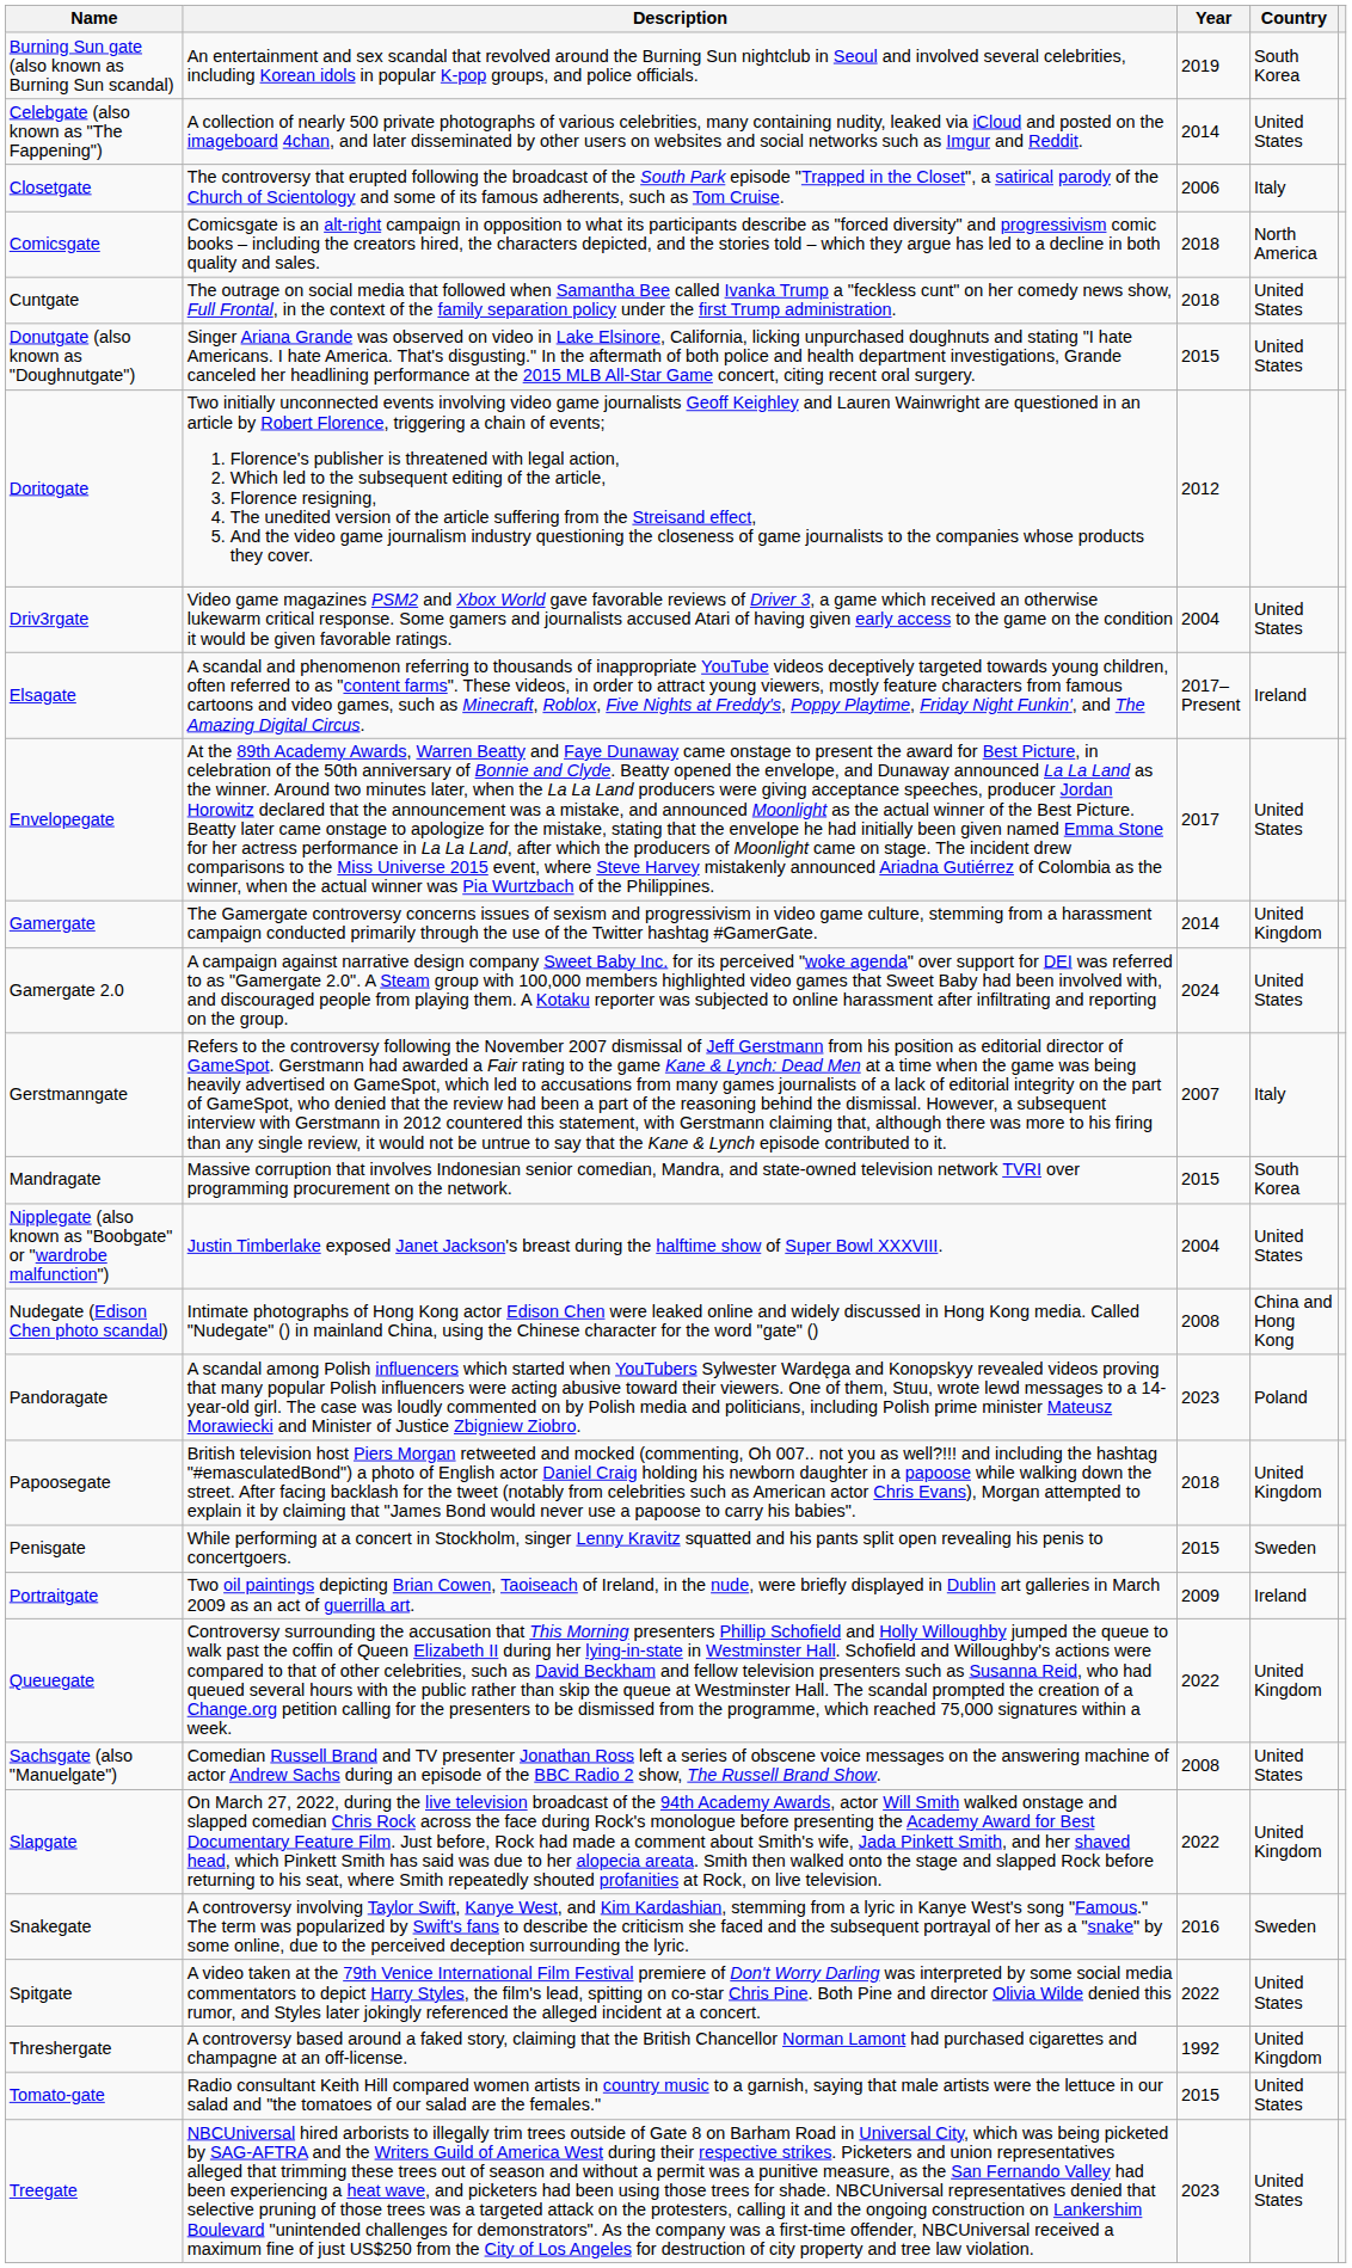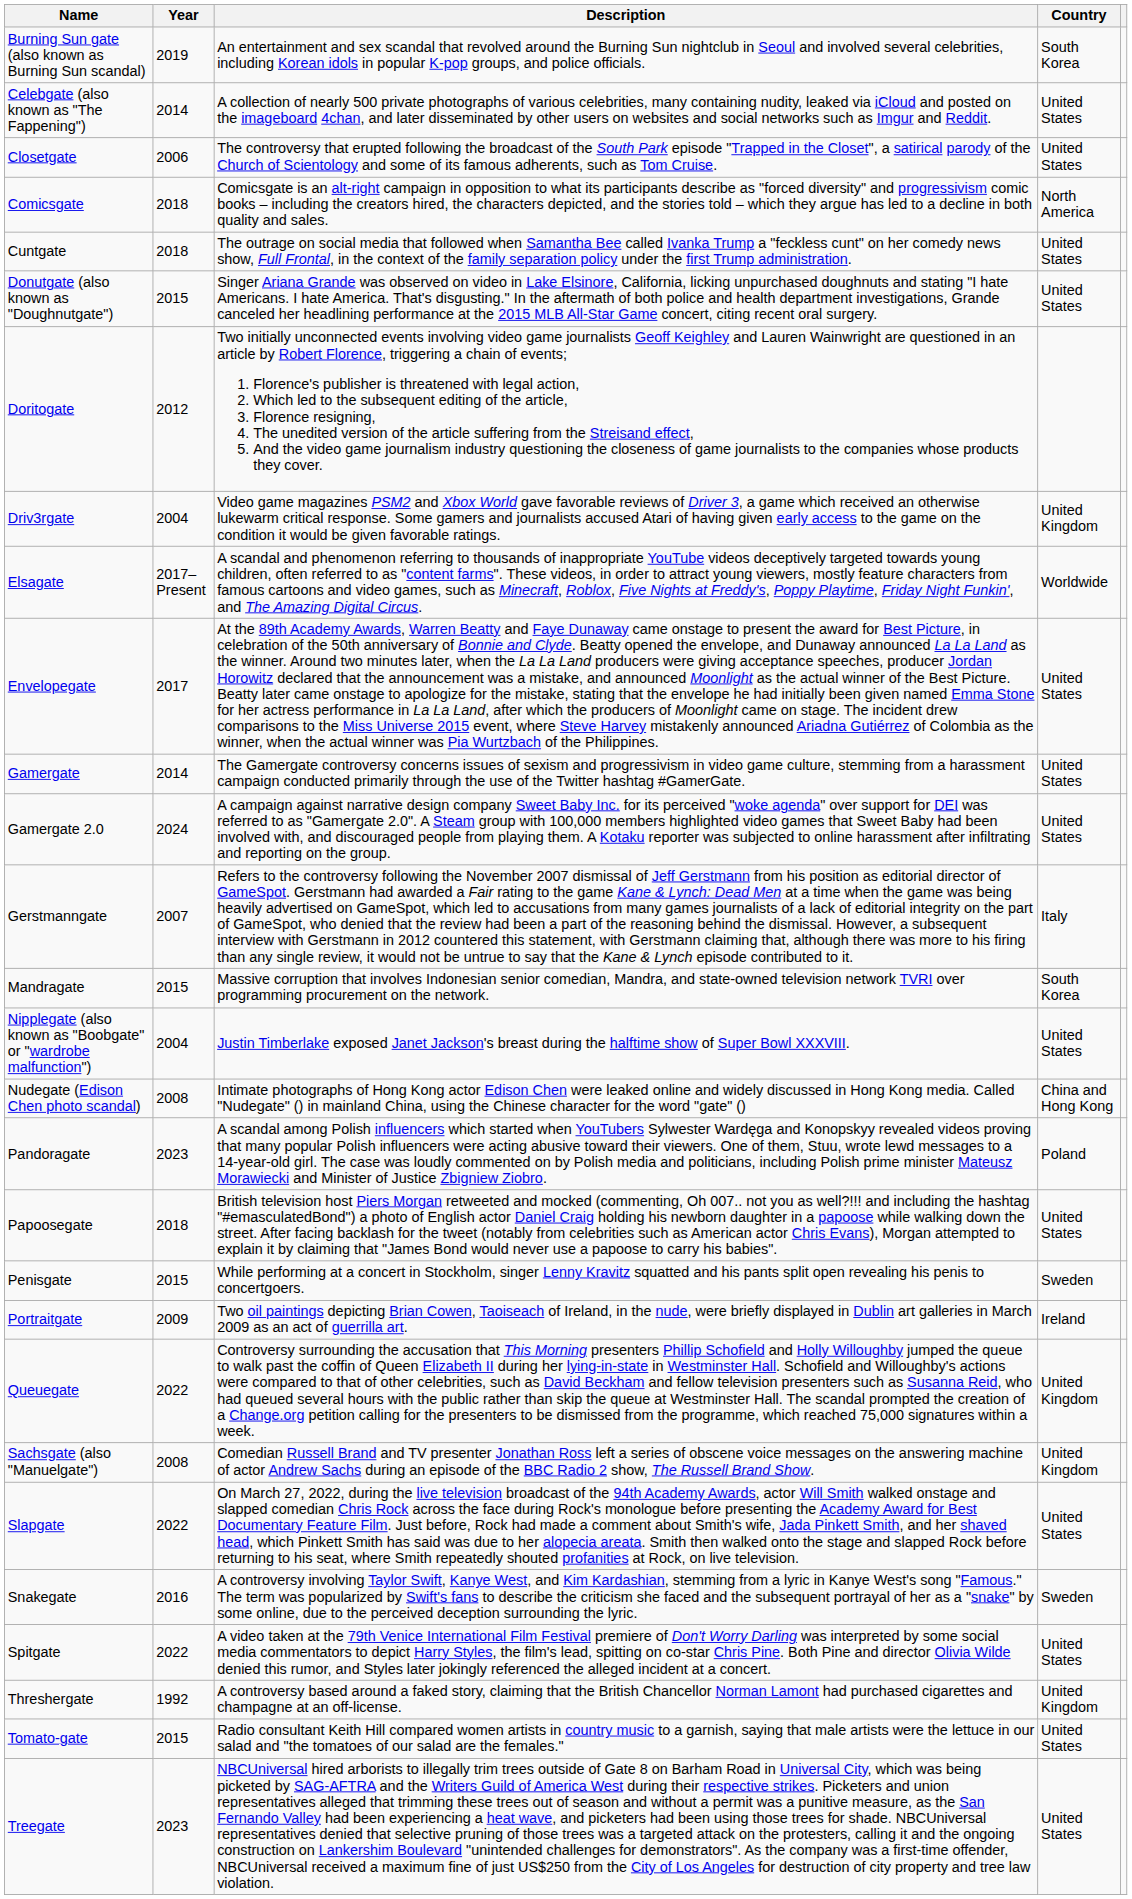 <table class="wikitable sortable">
 <tr>
 <th>Name</th>
+<th>Year</th>
 <th>Description</th>
-<th>Year</th>
 <th>Country</th>
 <th></th>
 </tr>
 <tr>
 <td><a href='#'>Burning Sun gate</a> (also known as Burning Sun scandal)</td>
+<td>2019</td>
 <td>An entertainment and sex scandal that revolved around the Burning Sun nightclub in <a href='#'>Seoul</a> and involved several celebrities, including <a href='#'>Korean idols</a> in popular <a href='#'>K-pop</a> groups, and police officials.</td>
-<td>2019</td>
 <td>South Korea</td>
 <td></td>
 </tr>
 <tr>
 <td><a href='#'>Celebgate</a> (also known as "The Fappening")</td>
+<td>2014</td>
 <td>A collection of nearly 500 private photographs of various celebrities, many containing nudity, leaked via <a href='#'>iCloud</a> and posted on the <a href='#'>imageboard</a> <a href='#'>4chan</a>, and later disseminated by other users on websites and social networks such as <a href='#'>Imgur</a> and <a href='#'>Reddit</a>.</td>
-<td>2014</td>
 <td>United States</td>
 <td></td>
 </tr>
 <tr>
 <td><a href='#'>Closetgate</a></td>
+<td>2006</td>
 <td>The controversy that erupted following the broadcast of the <em><a href='#'>South Park</a></em> episode "<a href='#'>Trapped in the Closet</a>", a <a href='#'>satirical</a> <a href='#'>parody</a> of the <a href='#'>Church of Scientology</a> and some of its famous adherents, such as <a href='#'>Tom Cruise</a>.</td>
-<td>2006</td>
-<td>Italy</td>
+<td>United States</td>
 <td></td>
 </tr>
 <tr>
 <td><a href='#'>Comicsgate</a></td>
+<td>2018</td>
 <td>Comicsgate is an <a href='#'>alt-right</a> campaign in opposition to what its participants describe as "forced diversity" and <a href='#'>progressivism</a> comic books – including the creators hired, the characters depicted, and the stories told – which they argue has led to a decline in both quality and sales.</td>
-<td>2018</td>
 <td>North America</td>
 <td></td>
 </tr>
 <tr>
 <td>Cuntgate</td>
+<td>2018</td>
 <td>The outrage on social media that followed when <a href='#'>Samantha Bee</a> called <a href='#'>Ivanka Trump</a> a "feckless cunt" on her comedy news show, <a href='#'><em>Full Frontal</em></a>, in the context of the <a href='#'>family separation policy</a> under the <a href='#'>first Trump administration</a>.</td>
-<td>2018</td>
 <td>United States</td>
 <td></td>
 </tr>
 <tr>
 <td><a href='#'>Donutgate</a> (also known as "Doughnutgate")</td>
+<td>2015</td>
 <td>Singer <a href='#'>Ariana Grande</a> was observed on video in <a href='#'>Lake Elsinore</a>, California, licking unpurchased doughnuts and stating "I hate Americans. I hate America. That's disgusting."  In the aftermath of both police and health department investigations, Grande canceled her headlining performance at the <a href='#'>2015 MLB All-Star Game</a> concert, citing recent oral surgery.</td>
-<td>2015</td>
 <td>United States</td>
 <td></td>
 </tr>
 <tr>
 <td><a href='#'>Doritogate</a></td>
+<td>2012</td>
 <td>Two initially unconnected events involving video game journalists <a href='#'>Geoff Keighley</a> and Lauren Wainwright are questioned in an article by <a href='#'>Robert Florence</a>, triggering a chain of events;<br><ol><li>Florence's publisher is threatened with legal action,</li><li>Which led to the subsequent editing of the article,</li><li>Florence resigning,</li><li>The unedited version of the article suffering from the <a href='#'>Streisand effect</a>,</li><li>And the video game journalism industry questioning the closeness of game journalists to the companies whose products they cover.</li></ol></td>
-<td>2012</td>
 <td></td>
 <td></td>
 </tr>
 <tr>
 <td><a href='#'>Driv3rgate</a></td>
+<td>2004</td>
 <td>Video game magazines <em><a href='#'>PSM2</a></em> and <em><a href='#'>Xbox World</a></em> gave favorable reviews of <em><a href='#'>Driver 3</a></em>, a game which received an otherwise lukewarm critical response. Some gamers and journalists accused Atari of having given <a href='#'>early access</a> to the game on the condition it would be given favorable ratings.</td>
-<td>2004</td>
-<td>United States</td>
+<td>United Kingdom</td>
 <td></td>
 </tr>
 <tr>
 <td><a href='#'>Elsagate</a></td>
+<td>2017–Present</td>
 <td>A scandal and phenomenon referring to thousands of inappropriate <a href='#'>YouTube</a> videos deceptively targeted towards young children, often referred to as "<a href='#'>content farms</a>". These videos, in order to attract young viewers, mostly feature characters from famous cartoons and video games, such as <em><a href='#'>Minecraft</a></em>, <em><a href='#'>Roblox</a></em>, <em><a href='#'>Five Nights at Freddy's</a></em>, <em><a href='#'>Poppy Playtime</a></em>, <em><a href='#'>Friday Night Funkin'</a></em>, and <em><a href='#'>The Amazing Digital Circus</a></em>.</td>
-<td>2017–Present</td>
-<td>Ireland</td>
+<td>Worldwide</td>
 <td></td>
 </tr>
 <tr>
 <td><a href='#'>Envelopegate</a></td>
+<td>2017</td>
 <td>At the <a href='#'>89th Academy Awards</a>, <a href='#'>Warren Beatty</a> and <a href='#'>Faye Dunaway</a> came onstage to present the award for <a href='#'>Best Picture</a>, in celebration of the 50th anniversary of <em><a href='#'>Bonnie and Clyde</a></em>. Beatty opened the envelope, and Dunaway announced <em><a href='#'>La La Land</a></em> as the winner. Around two minutes later, when the <em>La La Land</em> producers were giving acceptance speeches, producer <a href='#'>Jordan Horowitz</a> declared that the announcement was a mistake, and announced <em><a href='#'>Moonlight</a></em> as the actual winner of the Best Picture. Beatty later came onstage to apologize for the mistake, stating that the envelope he had initially been given named <a href='#'>Emma Stone</a> for her actress performance in <em>La La Land</em>, after which the producers of <em>Moonlight</em> came on stage. The incident drew comparisons to the <a href='#'>Miss Universe 2015</a> event, where <a href='#'>Steve Harvey</a> mistakenly announced <a href='#'>Ariadna Gutiérrez</a> of Colombia as the winner, when the actual winner was <a href='#'>Pia Wurtzbach</a> of the Philippines.</td>
-<td>2017</td>
 <td>United States</td>
 <td></td>
 </tr>
 <tr>
 <td><a href='#'>Gamergate</a></td>
+<td>2014</td>
 <td>The Gamergate controversy concerns issues of sexism and progressivism in video game culture, stemming from a harassment campaign conducted primarily through the use of the Twitter hashtag #GamerGate.</td>
-<td>2014</td>
-<td>United Kingdom</td>
+<td>United States</td>
 <td></td>
 </tr>
 <tr>
 <td>Gamergate 2.0</td>
+<td>2024</td>
 <td>A campaign against narrative design company <a href='#'>Sweet Baby Inc.</a> for its perceived "<a href='#'>woke agenda</a>" over support for <a href='#'>DEI</a> was referred to as "Gamergate 2.0". A <a href='#'>Steam</a> group with 100,000 members highlighted video games that Sweet Baby had been involved with, and discouraged people from playing them. A <a href='#'>Kotaku</a> reporter was subjected to online harassment after infiltrating and reporting on the group.</td>
-<td>2024</td>
 <td>United States</td>
 <td></td>
 </tr>
 <tr>
 <td>Gerstmanngate</td>
+<td>2007</td>
 <td>Refers to the controversy following the November 2007 dismissal of <a href='#'>Jeff Gerstmann</a> from his position as editorial director of <a href='#'>GameSpot</a>. Gerstmann had awarded a <em>Fair</em> rating to the game <em><a href='#'>Kane & Lynch: Dead Men</a></em> at a time when the game was being heavily advertised on GameSpot, which led to accusations from many games journalists of a lack of editorial integrity on the part of GameSpot, who denied that the review had been a part of the reasoning behind the dismissal. However, a subsequent interview with Gerstmann in 2012 countered this statement, with Gerstmann claiming that, although there was more to his firing than any single review, it would not be untrue to say that the <em>Kane & Lynch</em> episode contributed to it.</td>
-<td>2007</td>
 <td>Italy</td>
 <td></td>
 </tr>
 <tr>
 <td>Mandragate</td>
+<td>2015</td>
 <td>Massive corruption that involves Indonesian senior comedian, Mandra, and state-owned television network <a href='#'>TVRI</a> over programming procurement on the network.</td>
-<td>2015</td>
 <td>South Korea</td>
 <td></td>
 </tr>
 <tr>
 <td><a href='#'>Nipplegate</a> (also known as "Boobgate" or "<a href='#'>wardrobe malfunction</a>")</td>
+<td>2004</td>
 <td><a href='#'>Justin Timberlake</a> exposed <a href='#'>Janet Jackson</a>'s breast during the <a href='#'>halftime show</a> of <a href='#'>Super Bowl XXXVIII</a>.</td>
-<td>2004</td>
 <td>United States</td>
 <td></td>
 </tr>
 <tr>
 <td>Nudegate (<a href='#'>Edison Chen photo scandal</a>)</td>
+<td>2008</td>
 <td>Intimate photographs of Hong Kong actor <a href='#'>Edison Chen</a> were leaked online and widely discussed in Hong Kong media. Called "Nudegate" () in mainland China, using the Chinese character for the word "gate" ()</td>
-<td>2008</td>
 <td>China and Hong Kong</td>
 <td></td>
 </tr>
 <tr>
 <td>Pandoragate</td>
+<td>2023</td>
 <td>A scandal among Polish <a href='#'>influencers</a> which started when <a href='#'>YouTubers</a> Sylwester Wardęga and Konopskyy revealed videos proving that many popular Polish influencers were acting abusive toward their viewers. One of them, Stuu, wrote lewd messages to a 14-year-old girl. The case was loudly commented on by Polish media and politicians, including Polish prime minister <a href='#'>Mateusz Morawiecki</a> and Minister of Justice <a href='#'>Zbigniew Ziobro</a>.</td>
-<td>2023</td>
 <td>Poland</td>
 <td></td>
 </tr>
 <tr>
 <td>Papoosegate</td>
+<td>2018</td>
 <td>British television host <a href='#'>Piers Morgan</a> retweeted and mocked (commenting, Oh 007.. not you as well?!!! and including the hashtag "#emasculatedBond") a photo of English actor <a href='#'>Daniel Craig</a> holding his newborn daughter in a <a href='#'>papoose</a> while walking down the street. After facing backlash for the tweet (notably from celebrities such as American actor <a href='#'>Chris Evans</a>), Morgan attempted to explain it by claiming that "James Bond would never use a papoose to carry his babies".</td>
-<td>2018</td>
-<td>United Kingdom</td>
+<td>United States</td>
 <td></td>
 </tr>
 <tr>
 <td>Penisgate</td>
+<td>2015</td>
 <td>While performing at a concert in Stockholm, singer <a href='#'>Lenny Kravitz</a> squatted and his pants split open revealing his penis to concertgoers.</td>
-<td>2015</td>
 <td>Sweden</td>
 <td></td>
 </tr>
 <tr>
 <td><a href='#'>Portraitgate</a></td>
+<td>2009</td>
 <td>Two <a href='#'>oil paintings</a> depicting <a href='#'>Brian Cowen</a>, <a href='#'>Taoiseach</a> of Ireland, in the <a href='#'>nude</a>, were briefly displayed in <a href='#'>Dublin</a> art galleries in March 2009 as an act of <a href='#'>guerrilla art</a>.</td>
-<td>2009</td>
 <td>Ireland</td>
 <td></td>
 </tr>
 <tr>
 <td><a href='#'>Queuegate</a></td>
+<td>2022</td>
 <td>Controversy surrounding the accusation that <em><a href='#'>This Morning</a></em> presenters <a href='#'>Phillip Schofield</a> and <a href='#'>Holly Willoughby</a> jumped the queue to walk past the coffin of Queen <a href='#'>Elizabeth II</a> during her <a href='#'>lying-in-state</a> in <a href='#'>Westminster Hall</a>. Schofield and Willoughby's actions were compared to that of other celebrities, such as <a href='#'>David Beckham</a> and fellow television presenters such as <a href='#'>Susanna Reid</a>, who had queued several hours with the public rather than skip the queue at Westminster Hall. The scandal prompted the creation of a <a href='#'>Change.org</a> petition calling for the presenters to be dismissed from the programme, which reached 75,000 signatures within a week.</td>
-<td>2022</td>
 <td>United Kingdom</td>
 <td></td>
 </tr>
 <tr>
 <td><a href='#'>Sachsgate</a> (also "Manuelgate")</td>
+<td>2008</td>
 <td>Comedian <a href='#'>Russell Brand</a> and TV presenter <a href='#'>Jonathan Ross</a> left a series of obscene voice messages on the answering machine of actor <a href='#'>Andrew Sachs</a> during an episode of the <a href='#'>BBC Radio 2</a> show, <em><a href='#'>The Russell Brand Show</a></em>.</td>
-<td>2008</td>
+<td>United Kingdom</td>
+<td></td>
+</tr>
+<tr>
+<td><a href='#'>Slapgate</a></td>
+<td>2022</td>
+<td>On March 27, 2022, during the <a href='#'>live television</a> broadcast of the <a href='#'>94th Academy Awards</a>, actor <a href='#'>Will Smith</a> walked onstage and slapped comedian <a href='#'>Chris Rock</a> across the face during Rock's monologue before presenting the <a href='#'>Academy Award for Best Documentary Feature Film</a>. Just before, Rock had made a comment about Smith's wife, <a href='#'>Jada Pinkett Smith</a>, and her <a href='#'>shaved head</a>, which Pinkett Smith has said was due to her <a href='#'>alopecia areata</a>. Smith then walked onto the stage and slapped Rock before returning to his seat, where Smith repeatedly shouted <a href='#'>profanities</a> at Rock, on live television.</td>
 <td>United States</td>
 <td></td>
 </tr>
 <tr>
-<td><a href='#'>Slapgate</a></td>
-<td>On March 27, 2022, during the <a href='#'>live television</a> broadcast of the <a href='#'>94th Academy Awards</a>, actor <a href='#'>Will Smith</a> walked onstage and slapped comedian <a href='#'>Chris Rock</a> across the face during Rock's monologue before presenting the <a href='#'>Academy Award for Best Documentary Feature Film</a>. Just before, Rock had made a comment about Smith's wife, <a href='#'>Jada Pinkett Smith</a>, and her <a href='#'>shaved head</a>, which Pinkett Smith has said was due to her <a href='#'>alopecia areata</a>. Smith then walked onto the stage and slapped Rock before returning to his seat, where Smith repeatedly shouted <a href='#'>profanities</a> at Rock, on live television.</td>
-<td>2022</td>
-<td>United Kingdom</td>
-<td></td>
-</tr>
-<tr>
 <td>Snakegate</td>
+<td>2016</td>
 <td>A controversy involving <a href='#'>Taylor Swift</a>, <a href='#'>Kanye West</a>, and <a href='#'>Kim Kardashian</a>, stemming from a lyric in Kanye West's song "<a href='#'>Famous</a>." The term was popularized by <a href='#'>Swift's fans</a> to describe the criticism she faced and the subsequent portrayal of her as a "<a href='#'>snake</a>" by some online, due to the perceived deception surrounding the lyric.</td>
-<td>2016</td>
 <td>Sweden</td>
 <td></td>
 </tr>
 <tr>
 <td>Spitgate</td>
+<td>2022</td>
 <td>A video taken at the <a href='#'>79th Venice International Film Festival</a> premiere of <em><a href='#'>Don't Worry Darling</a></em> was interpreted by some social media commentators to depict <a href='#'>Harry Styles</a>, the film's lead, spitting on co-star <a href='#'>Chris Pine</a>. Both Pine and director <a href='#'>Olivia Wilde</a> denied this rumor, and Styles later jokingly referenced the alleged incident at a concert.</td>
-<td>2022</td>
 <td>United States</td>
 <td></td>
 </tr>
 <tr>
 <td>Threshergate</td>
+<td>1992</td>
 <td>A controversy based around a faked story, claiming that the British Chancellor <a href='#'>Norman Lamont</a> had purchased cigarettes and champagne at an off-license.</td>
-<td>1992</td>
 <td>United Kingdom</td>
 <td></td>
 </tr>
 <tr>
 <td><a href='#'>Tomato-gate</a></td>
+<td>2015</td>
 <td>Radio consultant Keith Hill compared women artists in <a href='#'>country music</a> to a garnish, saying that male artists were the lettuce in our salad and "the tomatoes of our salad are the females."</td>
-<td>2015</td>
 <td>United States</td>
 <td></td>
 </tr>
 <tr>
 <td><a href='#'>Treegate</a></td>
+<td>2023</td>
 <td><a href='#'>NBCUniversal</a> hired arborists to illegally trim trees outside of Gate 8 on Barham Road in <a href='#'>Universal City</a>, which was being picketed by <a href='#'>SAG-AFTRA</a> and the <a href='#'>Writers Guild of America West</a> during their <a href='#'>respective strikes</a>. Picketers and union representatives alleged that trimming these trees out of season and without a permit was a punitive measure, as the <a href='#'>San Fernando Valley</a> had been experiencing a <a href='#'>heat wave</a>, and picketers had been using those trees for shade. NBCUniversal representatives denied that selective pruning of those trees was a targeted attack on the protesters, calling it and the ongoing construction on <a href='#'>Lankershim Boulevard</a> "unintended challenges for demonstrators". As the company was a first-time offender, NBCUniversal received a maximum fine of just US$250 from the <a href='#'>City of Los Angeles</a> for destruction of city property and tree law violation.</td>
-<td>2023</td>
 <td>United States</td>
 <td></td>
 </tr>
 </table>
